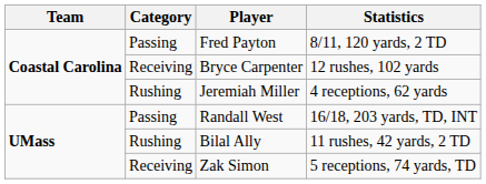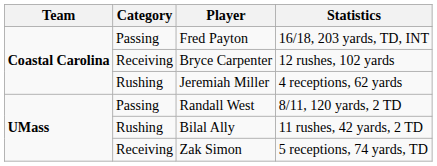 <table class="wikitable" style="float: left;">
 <tr>
 <th>Team</th>
 <th>Category</th>
 <th>Player</th>
 <th>Statistics</th>
 </tr>
 <tr>
 <td rowspan=3><strong>Coastal Carolina</strong></td>
 <td>Passing</td>
 <td>Fred Payton</td>
-<td>8/11, 120 yards, 2 TD</td>
+<td>16/18, 203 yards, TD, INT</td>
 </tr>
 <tr>
 <td>Receiving</td>
 <td>Bryce Carpenter</td>
 <td>12 rushes, 102 yards</td>
 </tr>
 <tr>
 <td>Rushing</td>
 <td>Jeremiah Miller</td>
 <td>4 receptions, 62 yards</td>
 </tr>
 <tr>
 <td rowspan=3><strong>UMass</strong></td>
 <td>Passing</td>
 <td>Randall West</td>
-<td>16/18, 203 yards, TD, INT</td>
+<td>8/11, 120 yards, 2 TD</td>
 </tr>
 <tr>
 <td>Rushing</td>
 <td>Bilal Ally</td>
 <td>11 rushes, 42 yards, 2 TD</td>
 </tr>
 <tr>
 <td>Receiving</td>
 <td>Zak Simon</td>
 <td>5 receptions, 74 yards, TD</td>
 </tr>
 </table>
